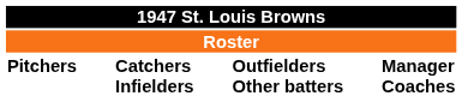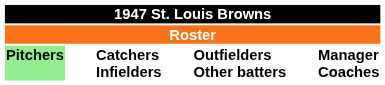 <table class="toccolours" style="font-size: 95%;">
 <tr>
 <th colspan="10" style="background-color: black; color: white; text-align: center;">1947 St. Louis Browns</th>
 </tr>
 <tr>
 <td colspan="10" style="background-color: #F87217; color: white; text-align: center;"><strong>Roster</strong></td>
 </tr>
 <tr>
-<td valign="top"><strong>Pitchers</strong><br>            </td>
+<td valign="top" style="background: lightgreen;"><strong>Pitchers</strong><br>            </td>
 <td width="25px"></td>
 <td valign="top"><strong>Catchers</strong><br>  <strong>Infielders</strong>         </td>
 <td width="25px"></td>
 <td valign="top"><strong>Outfielders</strong><br>     <strong>Other batters</strong>  </td>
 <td width="25px"></td>
 <td valign="top"><strong>Manager</strong><br> <strong>Coaches</strong>   </td>
 </tr>
 <tr>
 </tr>
 </table>
